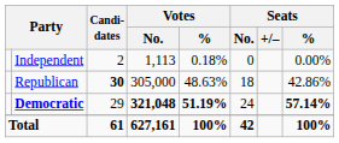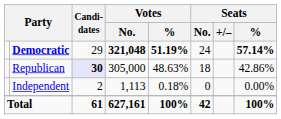 <table class="wikitable" style="font-size:100%; text-align:right;">
 <tr>
 <th colspan=2 rowspan=2>Party</th>
 <th rowspan=2><small>Candi-<br>dates</small></th>
 <th colspan=2>Votes</th>
 <th colspan=3>Seats</th>
 </tr>
 <tr>
 <th>No.</th>
 <th>%</th>
 <th>No.</th>
 <th>+/–</th>
 <th>%</th>
 </tr>
 <tr>
 <td style="background:"></td>
-<td align=left><a href='#'>Independent</a></td>
-<td>2</td>
-<td>1,113</td>
-<td>0.18%</td>
-<td>0</td>
+<td align=left><strong><a href='#'>Democratic</a></strong></td>
+<td>29</td>
+<td><strong>321,048</strong></td>
+<td><strong>51.19%</strong></td>
+<td>24</td>
 <td></td>
-<td>0.00%</td>
+<td><strong>57.14%</strong></td>
 </tr>
 <tr>
 <td style="background:"></td>
 <td align=left><a href='#'>Republican</a></td>
-<td><strong>30</strong></td>
+<td style="background: lavender;"><strong>30</strong></td>
 <td>305,000</td>
 <td>48.63%</td>
 <td>18</td>
 <td></td>
 <td>42.86%</td>
 </tr>
 <tr>
 <td style="background:"></td>
-<td align=left><strong><a href='#'>Democratic</a></strong></td>
-<td>29</td>
-<td><strong>321,048</strong></td>
-<td><strong>51.19%</strong></td>
-<td>24</td>
+<td align=left><a href='#'>Independent</a></td>
+<td>2</td>
+<td>1,113</td>
+<td>0.18%</td>
+<td>0</td>
 <td></td>
-<td><strong>57.14%</strong></td>
+<td>0.00%</td>
 </tr>
 <tr>
 </tr>
 <tr style="font-weight:bold">
 <td colspan=2 align=left>Total</td>
 <td>61</td>
 <td>627,161</td>
 <td>100%</td>
 <td>42</td>
 <td></td>
 <td>100%</td>
 </tr>
 </table>
